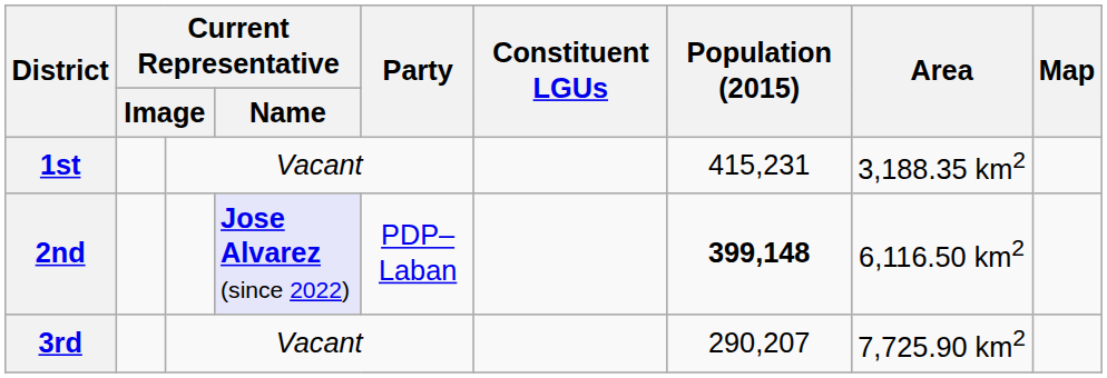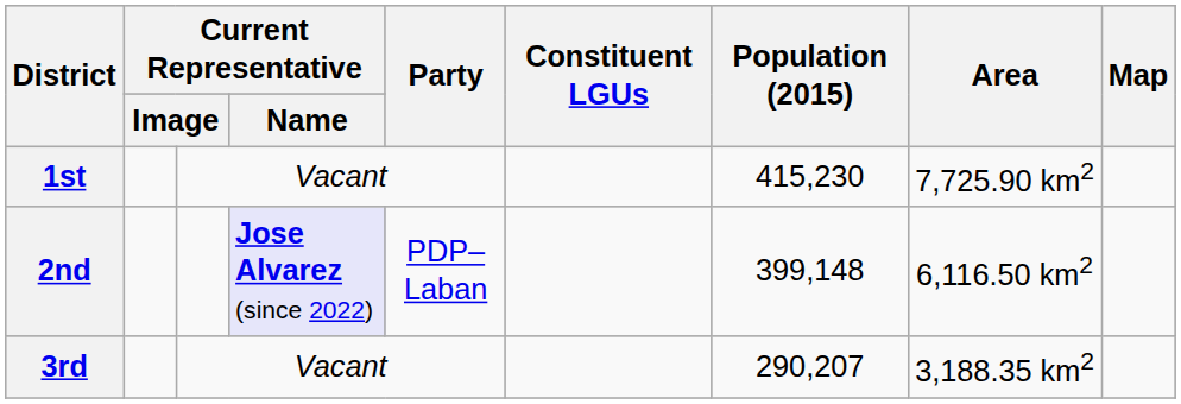 <table class="wikitable sortable" style="margin: 1em auto; font-size:100%; line-height:20px; text-align:center">
 <tr>
 <th rowspan="2">District</th>
 <th colspan="3">Current Representative</th>
 <th rowspan="2">Party</th>
 <th rowspan="2">Constituent <a href='#'>LGUs</a></th>
 <th rowspan="2">Population (2015)</th>
 <th rowspan="2">Area</th>
 <th rowspan="2">Map</th>
 </tr>
 <tr>
 <th colspan="2">Image</th>
 <th>Name</th>
 </tr>
 <tr>
 <th><a href='#'>1st</a></th>
 <td></td>
 <td colspan=3><em>Vacant</em></td>
 <td></td>
-<td>415,231</td>
-<td>3,188.35 km<sup>2</sup></td>
+<td>415,230</td>
+<td>7,725.90 km<sup>2</sup></td>
 <td></td>
 </tr>
 <tr>
 <th><a href='#'>2nd</a></th>
 <td style="background:"></td>
 <td></td>
 <td style="background: lavender; text-align:left;"><strong><a href='#'>Jose Alvarez</a></strong><br><small>(since <a href='#'>2022</a>)</small></td>
 <td><a href='#'>PDP–Laban</a></td>
 <td></td>
-<td><strong>399,148</strong></td>
+<td>399,148</td>
 <td>6,116.50 km<sup>2</sup></td>
 <td></td>
 </tr>
 <tr>
 <th><a href='#'>3rd</a></th>
 <td></td>
 <td colspan=3><em>Vacant</em></td>
 <td></td>
 <td>290,207</td>
-<td>7,725.90 km<sup>2</sup></td>
+<td>3,188.35 km<sup>2</sup></td>
 <td></td>
 </tr>
 </table>
